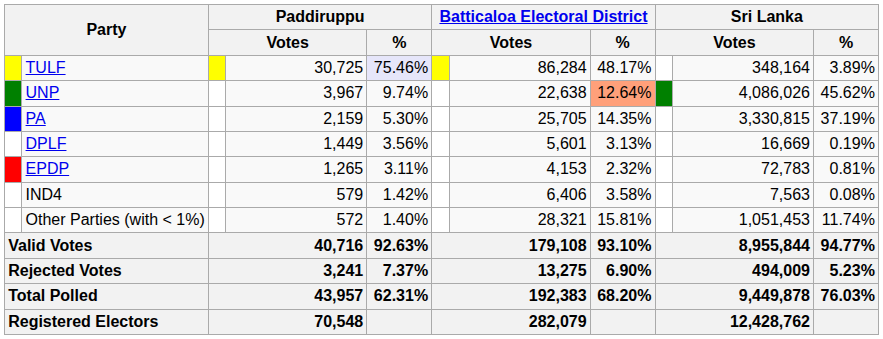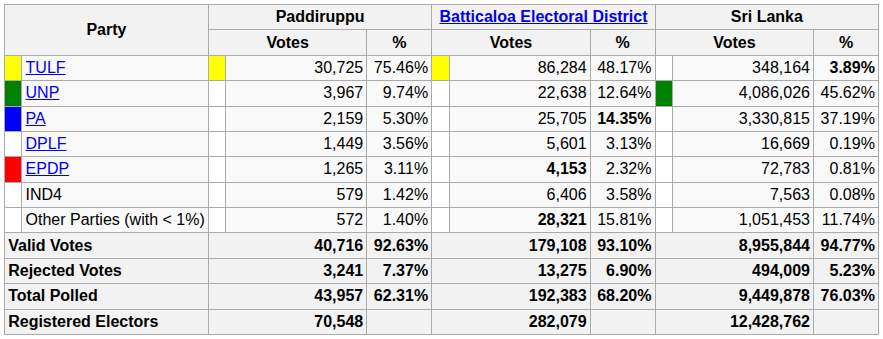 <table class="wikitable">
 <tr>
 <th colspan="2" width="144px"rowspan="2">Party</th>
 <th colspan="3" width="216px">Paddiruppu</th>
 <th colspan="3" width="216px"><a href='#'>Batticaloa Electoral District</a></th>
 <th colspan="3" width="216px">Sri Lanka</th>
 </tr>
 <tr>
 <th colspan="2" width="144px">Votes</th>
 <th>%</th>
 <th colspan="2" width="144px">Votes</th>
 <th>%</th>
 <th colspan="2" width="144px">Votes</th>
 <th>%</th>
 </tr>
 <tr>
 <td style="background-color:yellow;" width="10px"></td>
 <td style="text-align:left;"><a href='#'>TULF</a></td>
 <td style="background-color:yellow;" width="10px"></td>
 <td style="text-align:right;">30,725</td>
-<td style="background: lavender; text-align:right;">75.46%</td>
+<td style="text-align:right;">75.46%</td>
 <td style="background-color:yellow;" width="10px"></td>
 <td style="text-align:right;">86,284</td>
 <td style="text-align:right;">48.17%</td>
 <td style="background-color:white;" width="10px"></td>
 <td style="text-align:right;">348,164</td>
-<td style="text-align:right;">3.89%</td>
+<td style="text-align:right;"><strong>3.89%</strong></td>
 </tr>
 <tr>
 <td style="background-color:green;" width="10px"></td>
 <td style="text-align:left;"><a href='#'>UNP</a></td>
 <td style="background-color:white;" width="10px"></td>
 <td style="text-align:right;">3,967</td>
 <td style="text-align:right;">9.74%</td>
 <td style="background-color:white;" width="10px"></td>
 <td style="text-align:right;">22,638</td>
-<td style="background: lightsalmon; text-align:right;">12.64%</td>
+<td style="text-align:right;">12.64%</td>
 <td style="background-color:green;" width="10px"></td>
 <td style="text-align:right;">4,086,026</td>
 <td style="text-align:right;">45.62%</td>
 </tr>
 <tr>
 <td style="background-color:blue;" width="10px"></td>
 <td style="text-align:left;"><a href='#'>PA</a></td>
 <td style="background-color:white;" width="10px"></td>
 <td style="text-align:right;">2,159</td>
 <td style="text-align:right;">5.30%</td>
 <td style="background-color:white;" width="10px"></td>
 <td style="text-align:right;">25,705</td>
-<td style="text-align:right;">14.35%</td>
+<td style="text-align:right;"><strong>14.35%</strong></td>
 <td style="background-color:white;" width="10px"></td>
 <td style="text-align:right;">3,330,815</td>
 <td style="text-align:right;">37.19%</td>
 </tr>
 <tr>
 <td style="background-color:white;" width="10px"></td>
 <td style="text-align:left;"><a href='#'>DPLF</a></td>
 <td style="background-color:white;" width="10px"></td>
 <td style="text-align:right;">1,449</td>
 <td style="text-align:right;">3.56%</td>
 <td style="background-color:white;" width="10px"></td>
 <td style="text-align:right;">5,601</td>
 <td style="text-align:right;">3.13%</td>
 <td style="background-color:white;" width="10px"></td>
 <td style="text-align:right;">16,669</td>
 <td style="text-align:right;">0.19%</td>
 </tr>
 <tr>
 <td style="background-color:red;" width="10px"></td>
 <td style="text-align:left;"><a href='#'>EPDP</a></td>
 <td style="background-color:white;" width="10px"></td>
 <td style="text-align:right;">1,265</td>
 <td style="text-align:right;">3.11%</td>
 <td style="background-color:white;" width="10px"></td>
-<td style="text-align:right;">4,153</td>
+<td style="text-align:right;"><strong>4,153</strong></td>
 <td style="text-align:right;">2.32%</td>
 <td style="background-color:white;" width="10px"></td>
 <td style="text-align:right;">72,783</td>
 <td style="text-align:right;">0.81%</td>
 </tr>
 <tr>
 <td style="background-color:white;" width="10px"></td>
 <td style="text-align:left;">IND4</td>
 <td style="background-color:white;" width="10px"></td>
 <td style="text-align:right;">579</td>
 <td style="text-align:right;">1.42%</td>
 <td style="background-color:white;" width="10px"></td>
 <td style="text-align:right;">6,406</td>
 <td style="text-align:right;">3.58%</td>
 <td style="background-color:white;" width="10px"></td>
 <td style="text-align:right;">7,563</td>
 <td style="text-align:right;">0.08%</td>
 </tr>
 <tr>
 <td style="background-color:white;" width="10px"></td>
 <td style="text-align:left;">Other Parties (with < 1%)</td>
 <td style="background-color:white;" width="10px"></td>
 <td style="text-align:right;">572</td>
 <td style="text-align:right;">1.40%</td>
 <td style="background-color:white;" width="10px"></td>
-<td style="text-align:right;">28,321</td>
+<td style="text-align:right;"><strong>28,321</strong></td>
 <td style="text-align:right;">15.81%</td>
 <td style="background-color:white;" width="10px"></td>
 <td style="text-align:right;">1,051,453</td>
 <td style="text-align:right;">11.74%</td>
 </tr>
 <tr>
 <th colspan="2" width="144px"style="text-align:left;">Valid Votes</th>
 <th style="text-align:right;"colspan="2" width="144px">40,716</th>
 <th style="text-align:right;">92.63%</th>
 <th style="text-align:right;"colspan="2" width="144px">179,108</th>
 <th style="text-align:right;">93.10%</th>
 <th style="text-align:right;"colspan="2" width="144px">8,955,844</th>
 <th style="text-align:right;">94.77%</th>
 </tr>
 <tr>
 <th colspan="2" width="144px"style="text-align:left;">Rejected Votes</th>
 <th style="text-align:right;"colspan="2" width="144px">3,241</th>
 <th style="text-align:right;">7.37%</th>
 <th style="text-align:right;"colspan="2" width="144px">13,275</th>
 <th style="text-align:right;">6.90%</th>
 <th style="text-align:right;"colspan="2" width="144px">494,009</th>
 <th style="text-align:right;">5.23%</th>
 </tr>
 <tr>
 <th colspan="2" width="144px"style="text-align:left;">Total Polled</th>
 <th style="text-align:right;"colspan="2" width="144px">43,957</th>
 <th style="text-align:right;">62.31%</th>
 <th style="text-align:right;"colspan="2" width="144px">192,383</th>
 <th style="text-align:right;">68.20%</th>
 <th style="text-align:right;"colspan="2" width="144px">9,449,878</th>
 <th style="text-align:right;">76.03%</th>
 </tr>
 <tr>
 <th colspan="2" width="144px"style="text-align:left;">Registered Electors</th>
 <th style="text-align:right;"colspan="2" width="144px">70,548</th>
 <th></th>
 <th style="text-align:right;"colspan="2" width="144px">282,079</th>
 <th></th>
 <th style="text-align:right;"colspan="2" width="144px">12,428,762</th>
 <th></th>
 </tr>
 </table>
